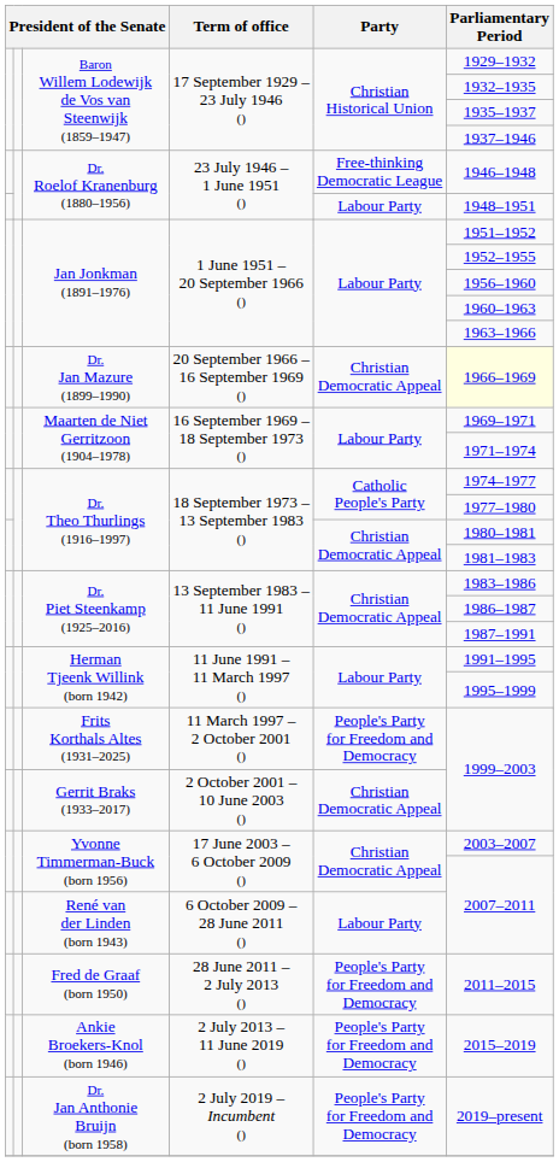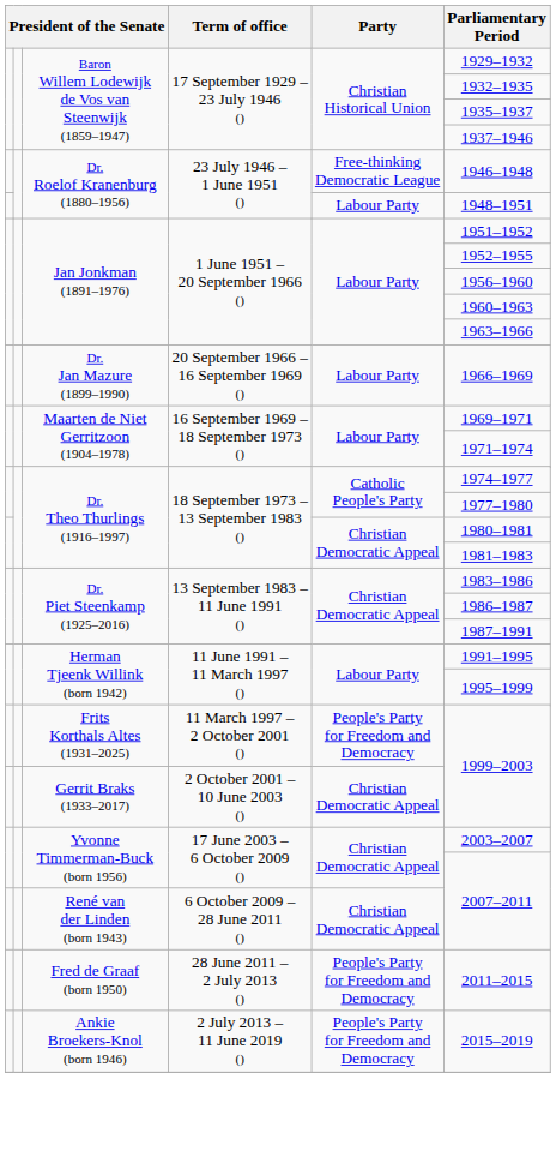 <table class="wikitable" style="text-align:center">
 <tr>
 <th colspan=3>President of the Senate</th>
 <th>Term of office</th>
 <th>Party</th>
 <th>Parliamentary <br> Period</th>
 </tr>
 <tr>
 <td rowspan=4 style="background:"></td>
 <td rowspan=4></td>
 <td rowspan=4><small><a href='#'>Baron</a></small> <br> <a href='#'>Willem Lodewijk <br> de Vos van <br> Steenwijk</a> <br> <small>(1859–1947)</small></td>
 <td rowspan=4>17 September 1929 – <br> 23 July 1946 <br> <small>()</small> <br> </td>
 <td rowspan=4><a href='#'>Christian <br> Historical Union</a></td>
 <td><a href='#'>1929–1932</a></td>
 </tr>
 <tr>
 <td><a href='#'>1932–1935</a></td>
 </tr>
 <tr>
 <td><a href='#'>1935–1937</a></td>
 </tr>
 <tr>
 <td><a href='#'>1937–1946</a></td>
 </tr>
 <tr>
 <td style="background:"></td>
 <td rowspan=2></td>
 <td rowspan=2><small><a href='#'>Dr.</a></small> <br> <a href='#'>Roelof Kranenburg</a> <br> <small>(1880–1956)</small></td>
 <td rowspan=2>23 July 1946 – <br> 1 June 1951 <br> <small>()</small> <br> </td>
 <td><a href='#'>Free-thinking <br> Democratic League</a></td>
 <td><a href='#'>1946–1948</a></td>
 </tr>
 <tr>
 <td style="background:"></td>
 <td><a href='#'>Labour Party</a></td>
 <td rowspan=2><a href='#'>1948–1951</a></td>
 </tr>
 <tr>
 <td rowspan=6 style="background:"></td>
 <td rowspan=6></td>
 <td rowspan=6><a href='#'>Jan Jonkman</a> <br> <small>(1891–1976)</small></td>
 <td rowspan=6>1 June 1951 – <br> 20 September 1966 <br> <small>()</small> <br> </td>
 <td rowspan=6><a href='#'>Labour Party</a></td>
 </tr>
 <tr>
 <td><a href='#'>1951–1952</a></td>
 </tr>
 <tr>
 <td><a href='#'>1952–1955</a></td>
 </tr>
 <tr>
 <td><a href='#'>1956–1960</a></td>
 </tr>
 <tr>
 <td><a href='#'>1960–1963</a></td>
 </tr>
 <tr>
 <td><a href='#'>1963–1966</a></td>
 </tr>
 <tr>
 <td style="background:"></td>
 <td></td>
 <td><small><a href='#'>Dr.</a></small> <br> <a href='#'>Jan Mazure</a> <br> <small>(1899–1990)</small></td>
 <td>20 September 1966 – <br> 16 September 1969 <br> <small>()</small> <br> </td>
-<td><a href='#'>Christian <br> Democratic Appeal</a></td>
-<td style="background: lightyellow;"><a href='#'>1966–1969</a></td>
+<td><a href='#'>Labour Party</a></td>
+<td><a href='#'>1966–1969</a></td>
 </tr>
 <tr>
 <td rowspan=2 style="background:"></td>
 <td rowspan=2></td>
 <td rowspan=2><a href='#'>Maarten de Niet <br> Gerritzoon</a> <br> <small>(1904–1978)</small></td>
 <td rowspan=2>16 September 1969 – <br> 18 September 1973 <br> <small>()</small> <br> </td>
 <td rowspan=2><a href='#'>Labour Party</a></td>
 <td><a href='#'>1969–1971</a></td>
 </tr>
 <tr>
 <td rowspan=2><a href='#'>1971–1974</a></td>
 </tr>
 <tr>
 <td rowspan=3 style="background:"></td>
 <td rowspan=5></td>
 <td rowspan=5><small><a href='#'>Dr.</a></small> <br> <a href='#'>Theo Thurlings</a> <br> <small>(1916–1997)</small></td>
 <td rowspan=5>18 September 1973 – <br> 13 September 1983 <br> <small>()</small> <br> </td>
 <td rowspan=3><a href='#'>Catholic <br> People's Party</a></td>
 </tr>
 <tr>
 <td><a href='#'>1974–1977</a></td>
 </tr>
 <tr>
 <td><a href='#'>1977–1980</a></td>
 </tr>
 <tr>
 <td rowspan=2 style="background:"></td>
 <td rowspan=2><a href='#'>Christian <br> Democratic Appeal</a></td>
 <td><a href='#'>1980–1981</a></td>
 </tr>
 <tr>
 <td><a href='#'>1981–1983</a></td>
 </tr>
 <tr>
 <td rowspan=3 style="background:"></td>
 <td rowspan=3></td>
 <td rowspan=3><small><a href='#'>Dr.</a></small> <br> <a href='#'>Piet Steenkamp</a> <br> <small>(1925–2016)</small></td>
 <td rowspan=3>13 September 1983 – <br> 11 June 1991 <br> <small>()</small> <br> </td>
 <td rowspan=3><a href='#'>Christian <br> Democratic Appeal</a></td>
 <td><a href='#'>1983–1986</a></td>
 </tr>
 <tr>
 <td><a href='#'>1986–1987</a></td>
 </tr>
 <tr>
 <td><a href='#'>1987–1991</a></td>
 </tr>
 <tr>
 <td rowspan=2 style="background:"></td>
 <td rowspan=2></td>
 <td rowspan=2><a href='#'>Herman <br> Tjeenk Willink</a> <br> <small>(born 1942)</small></td>
 <td rowspan=2>11 June 1991 – <br> 11 March 1997 <br> <small>()</small> <br> </td>
 <td rowspan=2><a href='#'>Labour Party</a></td>
 <td><a href='#'>1991–1995</a></td>
 </tr>
 <tr>
 <td rowspan=2><a href='#'>1995–1999</a></td>
 </tr>
 <tr>
 <td rowspan=2 style="background:"></td>
 <td rowspan=2></td>
 <td rowspan=2><a href='#'>Frits <br> Korthals Altes</a> <br> <small>(1931–2025)</small></td>
 <td rowspan=2>11 March 1997 – <br> 2 October 2001 <br> <small>()</small> <br> </td>
 <td rowspan=2><a href='#'>People's Party <br> for Freedom and <br> Democracy</a></td>
 </tr>
 <tr>
 <td rowspan=2><a href='#'>1999–2003</a></td>
 </tr>
 <tr>
 <td style="background:"></td>
 <td></td>
 <td><a href='#'>Gerrit Braks</a> <br> <small>(1933–2017)</small></td>
 <td>2 October 2001 – <br> 10 June 2003 <br> <small>()</small> <br> </td>
 <td><a href='#'>Christian <br> Democratic Appeal</a></td>
 </tr>
 <tr>
 <td rowspan=2 style="background:"></td>
 <td rowspan=2></td>
 <td rowspan=2><a href='#'>Yvonne <br> Timmerman-Buck</a> <br> <small>(born 1956)</small></td>
 <td rowspan=2>17 June 2003 – <br> 6 October 2009 <br> <small>()</small> <br> </td>
 <td rowspan=2><a href='#'>Christian <br> Democratic Appeal</a></td>
 <td><a href='#'>2003–2007</a></td>
 </tr>
 <tr>
 <td rowspan=2><a href='#'>2007–2011</a></td>
 </tr>
 <tr>
 <td style="background:"></td>
 <td></td>
 <td><a href='#'>René van <br> der Linden</a> <br> <small>(born 1943)</small></td>
 <td>6 October 2009 – <br> 28 June 2011 <br> <small>()</small> <br> </td>
-<td><a href='#'>Labour Party</a></td>
+<td><a href='#'>Christian <br> Democratic Appeal</a></td>
 </tr>
 <tr>
 <td style="background:"></td>
 <td></td>
 <td><a href='#'>Fred de Graaf</a> <br> <small>(born 1950)</small></td>
 <td>28 June 2011 – <br> 2 July 2013 <br> <small>()</small> <br> </td>
 <td><a href='#'>People's Party <br> for Freedom and <br> Democracy</a></td>
 <td rowspan=2><a href='#'>2011–2015</a></td>
 </tr>
 <tr>
 <td rowspan=2 style="background:"></td>
 <td rowspan=2></td>
 <td rowspan=2><a href='#'>Ankie <br> Broekers-Knol</a> <br> <small>(born 1946)</small></td>
 <td rowspan=2>2 July 2013 – <br> 11 June 2019 <br> <small>()</small> <br> </td>
 <td rowspan=2><a href='#'>People's Party <br> for Freedom and <br> Democracy</a></td>
 </tr>
 <tr>
 <td><a href='#'>2015–2019</a></td>
 </tr>
 <tr>
-<td style="background:"></td>
-<td></td>
-<td><small><a href='#'>Dr.</a></small> <br> <a href='#'>Jan Anthonie <br> Bruijn</a> <br> <small>(born 1958)</small></td>
-<td>2 July 2019 – <br> <em>Incumbent</em> <br> <small>()</small></td>
-<td><a href='#'>People's Party <br> for Freedom and <br> Democracy</a></td>
-<td><a href='#'>2019–present</a></td>
-</tr>
-<tr>
 </tr>
 </table>
